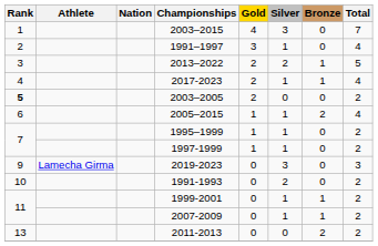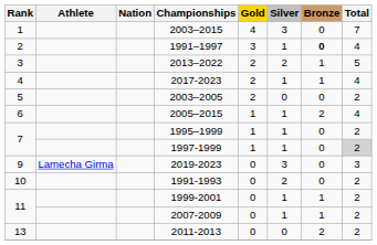 <table class="wikitable sortable" style="text-align:center">
 <tr>
 <th>Rank</th>
 <th>Athlete</th>
 <th>Nation</th>
 <th>Championships</th>
 <th style="background-color:gold">Gold</th>
 <th style="background-color:silver">Silver</th>
 <th style="background-color:#cc9966">Bronze</th>
 <th>Total</th>
 </tr>
 <tr>
 <td>1</td>
 <td align=left></td>
 <td align=left></td>
 <td>2003–2015</td>
 <td>4</td>
 <td>3</td>
 <td>0</td>
 <td>7</td>
 </tr>
 <tr>
 <td>2</td>
 <td align=left></td>
 <td align=left></td>
 <td>1991–1997</td>
 <td>3</td>
 <td>1</td>
-<td>0</td>
+<td><strong>0</strong></td>
 <td>4</td>
 </tr>
 <tr>
 <td>3</td>
 <td align=left></td>
 <td align=left></td>
 <td>2013–2022</td>
 <td>2</td>
 <td>2</td>
 <td>1</td>
 <td>5</td>
 </tr>
 <tr>
 <td>4</td>
 <td align="left"></td>
 <td align="left"></td>
 <td>2017-2023</td>
 <td>2</td>
 <td>1</td>
 <td>1</td>
 <td>4</td>
 </tr>
 <tr>
-<td><strong>5</strong></td>
+<td>5</td>
 <td align="left"></td>
 <td align="left"></td>
 <td>2003–2005</td>
 <td>2</td>
 <td>0</td>
 <td>0</td>
 <td>2</td>
 </tr>
 <tr>
 <td>6</td>
 <td align="left"></td>
 <td align="left"></td>
 <td>2005–2015</td>
 <td>1</td>
 <td>1</td>
 <td>2</td>
 <td>4</td>
 </tr>
 <tr>
 <td rowspan="2">7</td>
 <td align="left"></td>
 <td align="left"></td>
 <td>1995–1999</td>
 <td>1</td>
 <td>1</td>
 <td>0</td>
 <td>2</td>
 </tr>
 <tr>
 <td align="left"></td>
 <td align="left"></td>
 <td>1997-1999</td>
 <td>1</td>
 <td>1</td>
 <td>0</td>
-<td>2</td>
+<td style="background: lightgrey;">2</td>
 </tr>
 <tr>
 <td>9</td>
 <td align=left><a href='#'>Lamecha Girma</a></td>
 <td align=left></td>
 <td>2019-2023</td>
 <td>0</td>
 <td>3</td>
 <td>0</td>
 <td>3</td>
 </tr>
 <tr>
 <td>10</td>
 <td align="left"></td>
 <td align="left"></td>
 <td>1991-1993</td>
 <td>0</td>
 <td>2</td>
 <td>0</td>
 <td>2</td>
 </tr>
 <tr>
 <td rowspan="2">11</td>
 <td align="left"></td>
 <td align="left"></td>
 <td>1999-2001</td>
 <td>0</td>
 <td>1</td>
 <td>1</td>
 <td>2</td>
 </tr>
 <tr>
 <td align="left"></td>
 <td align="left"></td>
 <td>2007-2009</td>
 <td>0</td>
 <td>1</td>
 <td>1</td>
 <td>2</td>
 </tr>
 <tr>
 <td>13</td>
 <td align="left"></td>
 <td align="left"></td>
 <td>2011-2013</td>
 <td>0</td>
 <td>0</td>
 <td>2</td>
 <td>2</td>
 </tr>
 <tr>
 </tr>
 </table>
